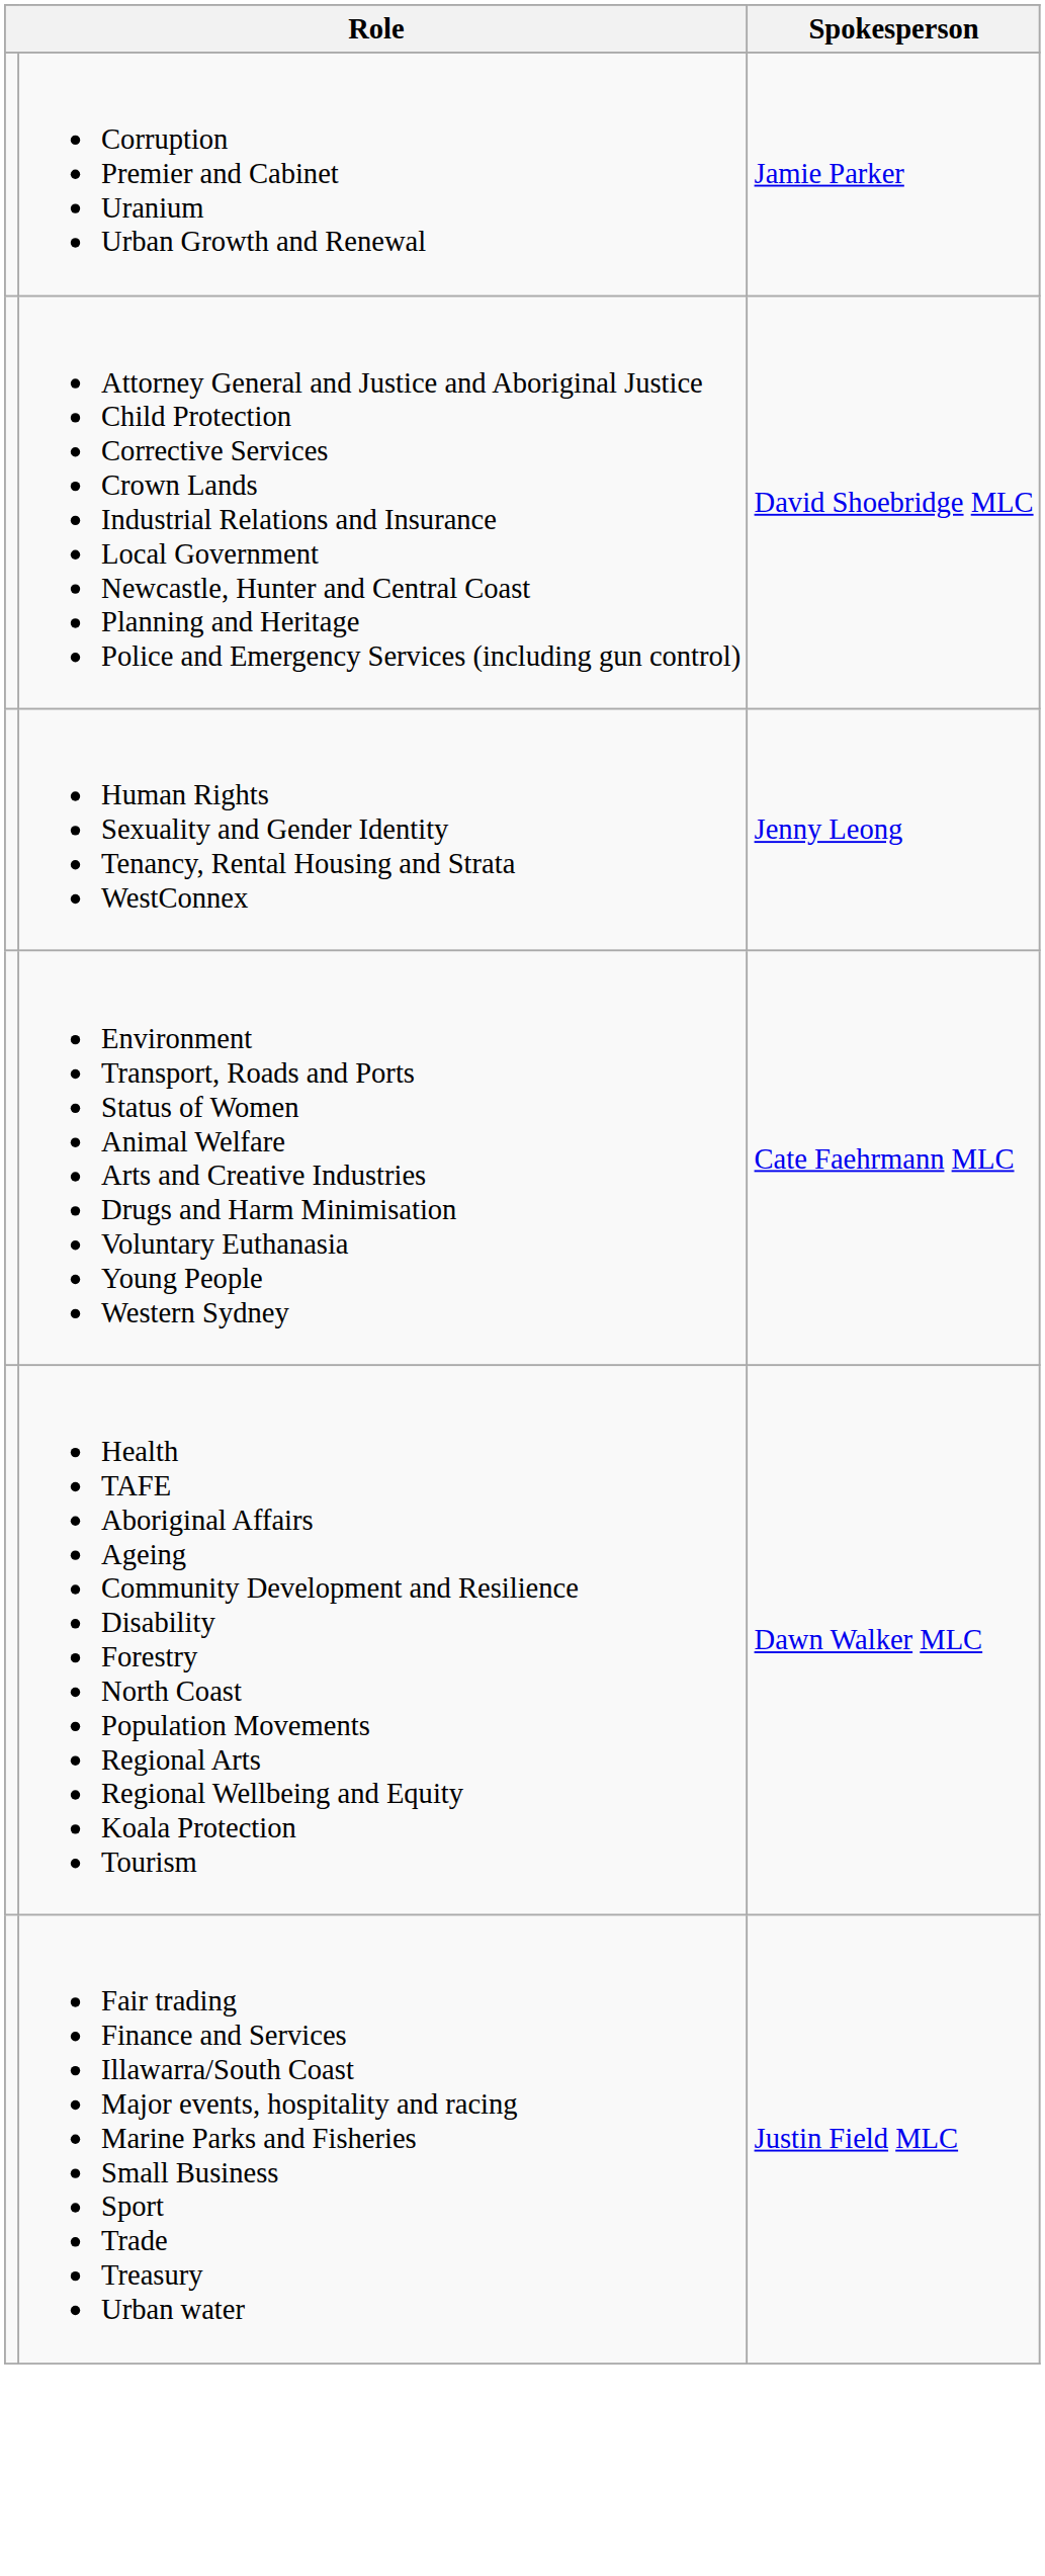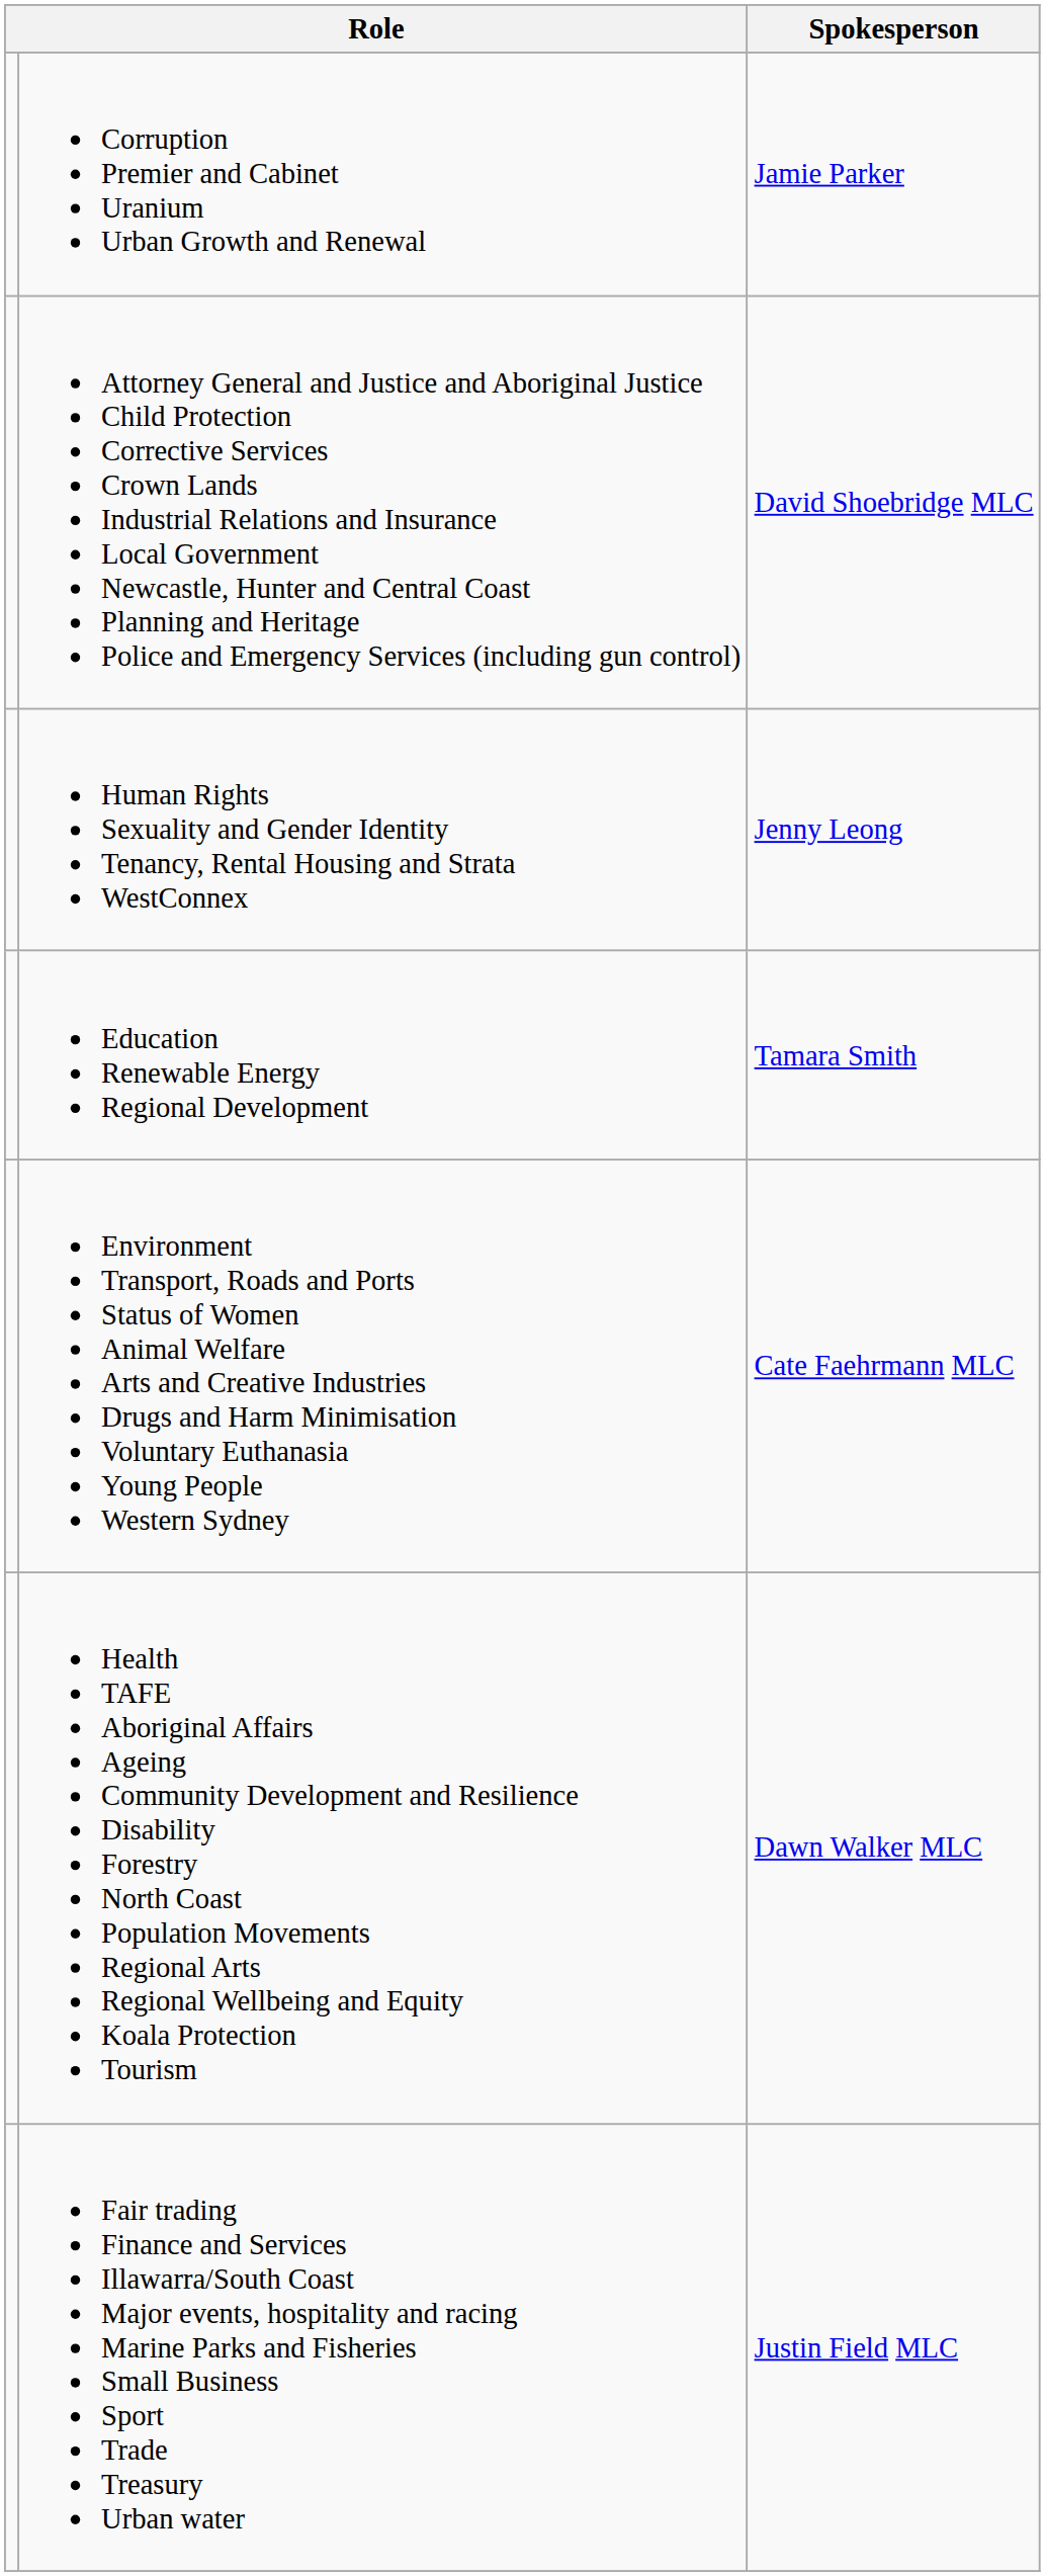 <table class="wikitable" style="text-align:left; font-size:95%">
 <tr>
 <th colspan=2>Role</th>
 <th>Spokesperson</th>
 </tr>
 <tr>
 <td style="background-color: "></td>
 <td><br><ul><li>Corruption</li><li>Premier and Cabinet</li><li>Uranium</li><li>Urban Growth and Renewal</li></ul></td>
 <td><a href='#'>Jamie Parker</a> </td>
 </tr>
 <tr>
 <td style="background-color: "></td>
 <td><br><ul><li>Attorney General and Justice and Aboriginal Justice</li><li>Child Protection</li><li>Corrective Services</li><li>Crown Lands</li><li>Industrial Relations and Insurance</li><li>Local Government</li><li>Newcastle, Hunter and Central Coast</li><li>Planning and Heritage</li><li>Police and Emergency Services (including gun control)</li></ul></td>
 <td><a href='#'>David Shoebridge</a>  <a href='#'>MLC</a></td>
 </tr>
 <tr>
 <td style="background-color: "></td>
 <td><br><ul><li>Human Rights</li><li>Sexuality and Gender Identity</li><li>Tenancy, Rental Housing and Strata</li><li>WestConnex</li></ul></td>
 <td><a href='#'>Jenny Leong</a> </td>
 </tr>
 <tr>
 <td style="background-color: "></td>
+<td><br><ul><li>Education</li><li>Renewable Energy</li><li>Regional Development</li></ul></td>
+<td><a href='#'>Tamara Smith</a> </td>
+</tr>
+<tr>
+<td style="background-color: "></td>
 <td><br><ul><li>Environment</li><li>Transport, Roads and Ports</li><li>Status of Women</li><li>Animal Welfare</li><li>Arts and Creative Industries</li><li>Drugs and Harm Minimisation</li><li>Voluntary Euthanasia</li><li>Young People</li><li>Western Sydney</li></ul></td>
 <td><a href='#'>Cate Faehrmann</a>  <a href='#'>MLC</a></td>
 </tr>
 <tr>
 <td style="background-color: "></td>
 <td><br><ul><li>Health</li><li>TAFE</li><li>Aboriginal Affairs</li><li>Ageing</li><li>Community Development and Resilience</li><li>Disability</li><li>Forestry</li><li>North Coast</li><li>Population Movements</li><li>Regional Arts</li><li>Regional Wellbeing and Equity</li><li>Koala Protection</li><li>Tourism</li></ul></td>
 <td><a href='#'>Dawn Walker</a>  <a href='#'>MLC</a></td>
 </tr>
 <tr>
 <td style="background-color: "></td>
 <td><br><ul><li>Fair trading</li><li>Finance and Services</li><li>Illawarra/South Coast</li><li>Major events, hospitality and racing</li><li>Marine Parks and Fisheries</li><li>Small Business</li><li>Sport</li><li>Trade</li><li>Treasury</li><li>Urban water</li></ul></td>
 <td><a href='#'>Justin Field</a>  <a href='#'>MLC</a></td>
 </tr>
 </table>
